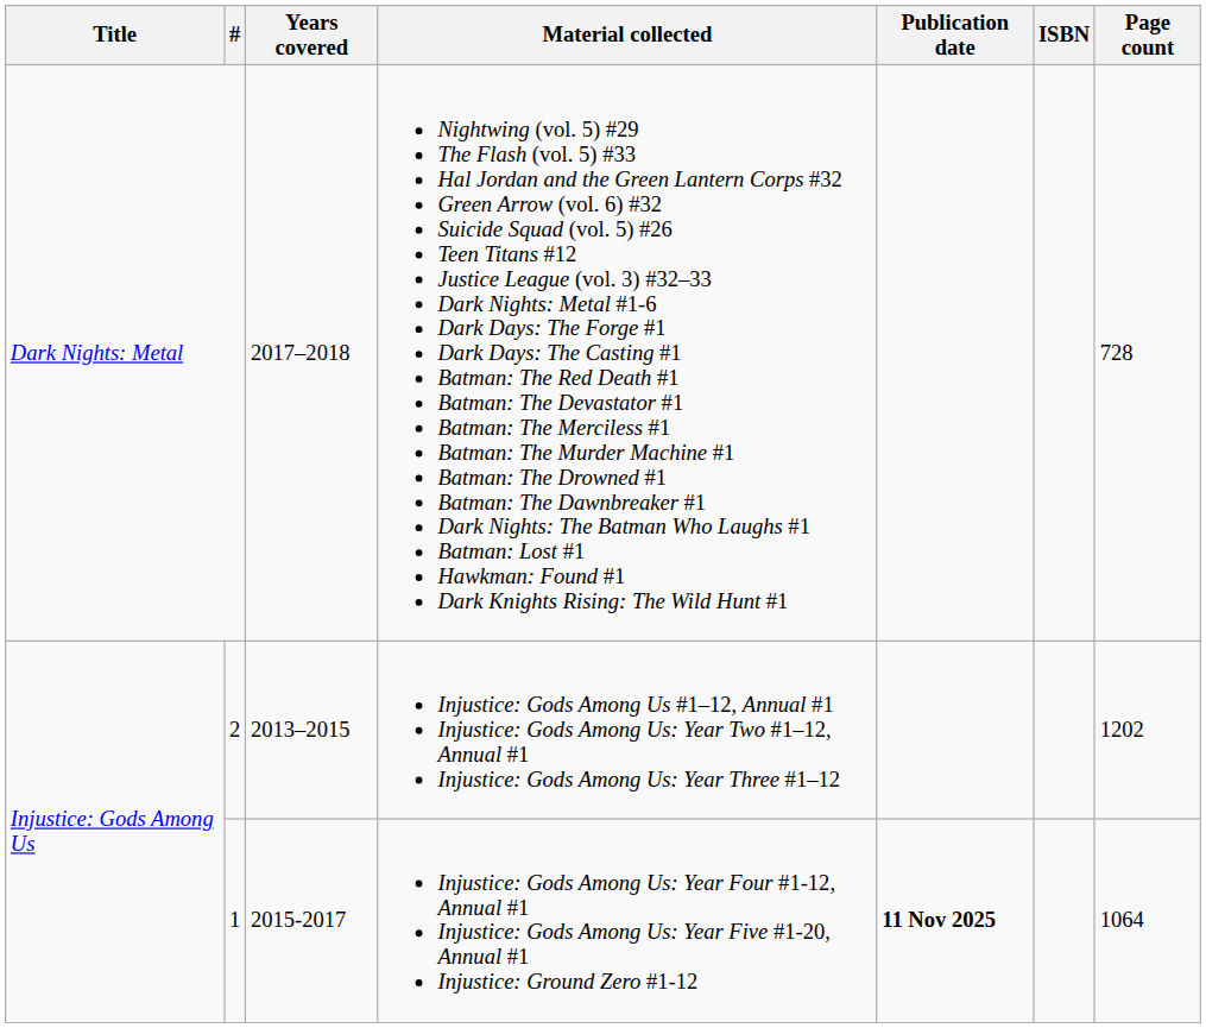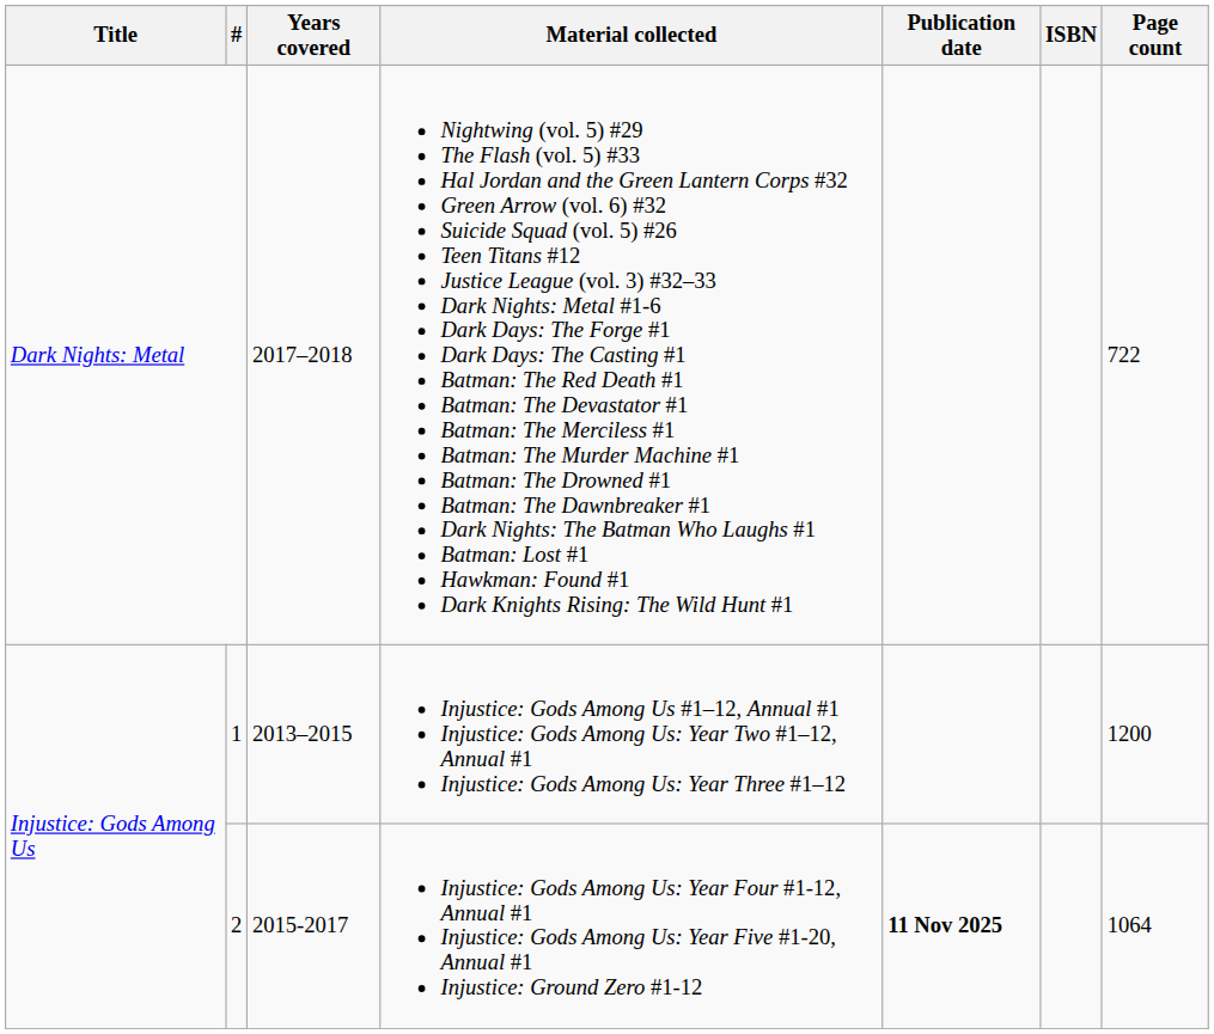 <table class="wikitable sortable">
 <tr>
 <th>Title</th>
 <th clas="unsortable">#</th>
 <th>Years covered</th>
 <th class="unsortable">Material collected</th>
 <th>Publication date</th>
 <th class="unsortable">ISBN</th>
 <th>Page count</th>
 </tr>
 <tr>
 <td colspan="2"><em><a href='#'>Dark Nights: Metal</a></em></td>
 <td>2017–2018</td>
 <td><br><ul><li><em>Nightwing</em> (vol. 5) #29</li><li><em>The Flash</em> (vol. 5) #33</li><li><em>Hal Jordan and the Green Lantern Corps</em> #32</li><li><em>Green Arrow</em> (vol. 6) #32</li><li><em>Suicide Squad</em> (vol. 5) #26</li><li><em>Teen Titans</em> #12</li><li><em>Justice League</em> (vol. 3) #32–33</li><li><em>Dark Nights: Metal</em> #1-6</li><li><em>Dark Days: The Forge</em> #1</li><li><em>Dark Days: The Casting</em> #1</li><li><em>Batman: The Red Death</em> #1</li><li><em>Batman: The Devastator</em> #1</li><li><em>Batman: The Merciless</em> #1</li><li><em>Batman: The Murder Machine</em> #1</li><li><em>Batman: The Drowned</em> #1</li><li><em>Batman: The Dawnbreaker</em> #1</li><li><em>Dark Nights: The Batman Who Laughs</em> #1</li><li><em>Batman: Lost</em> #1</li><li><em>Hawkman: Found</em> #1</li><li><em>Dark Knights Rising: The Wild Hunt</em> #1</li></ul></td>
 <td></td>
 <td></td>
-<td>728</td>
+<td>722</td>
 </tr>
 <tr>
 <td rowspan="2"><em><a href='#'>Injustice: Gods Among Us</a></em></td>
-<td>2</td>
+<td>1</td>
 <td>2013–2015</td>
 <td><br><ul><li><em>Injustice: Gods Among Us</em> #1–12, <em>Annual</em> #1</li><li><em>Injustice: Gods Among Us: Year Two</em> #1–12, <em>Annual</em> #1</li><li><em>Injustice: Gods Among Us: Year Three</em> #1–12</li></ul></td>
 <td></td>
 <td></td>
-<td>1202</td>
+<td>1200</td>
 </tr>
 <tr>
-<td>1</td>
+<td>2</td>
 <td>2015-2017</td>
 <td><br><ul><li><em>Injustice: Gods Among Us: Year Four</em> #1-12, <em>Annual</em> #1</li><li><em>Injustice: Gods Among Us: Year Five</em> #1-20, <em>Annual</em> #1</li><li><em>Injustice: Ground Zero</em> #1-12</li></ul></td>
 <td><strong>11 Nov 2025</strong></td>
 <td></td>
 <td>1064</td>
 </tr>
 </table>
